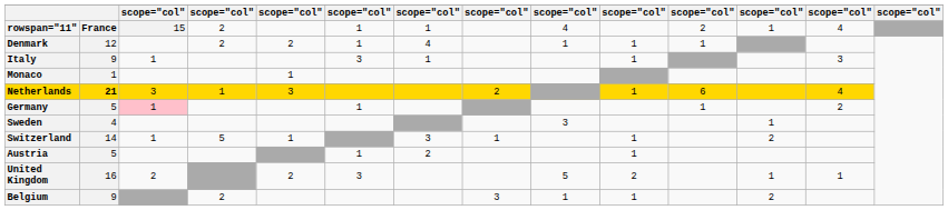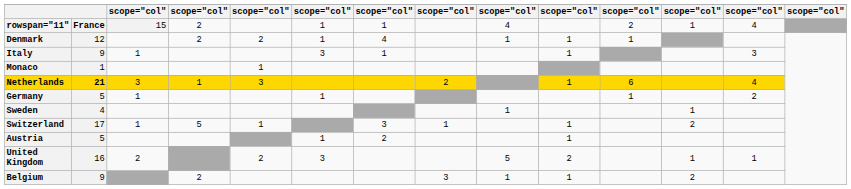 <table class="wikitable plainrowheaders" style="text-align:center;">
 <tr>
 </tr>
 <tr>
 <th colspan="2"></th>
 <th>scope="col" </th>
 <th>scope="col" </th>
 <th>scope="col" </th>
 <th>scope="col" </th>
 <th>scope="col" </th>
 <th>scope="col" </th>
 <th>scope="col" </th>
 <th>scope="col" </th>
 <th>scope="col" </th>
 <th>scope="col" </th>
 <th>scope="col" </th>
 <th>scope="col" </th>
 </tr>
 <tr>
 <th>rowspan="11" </th>
 <th scope="row" style="text-align:left; background:#f2f2f2;">France</th>
 <td style="text-align:right; background:#f2f2f2;">15</td>
 <td>2</td>
 <td></td>
 <td>1</td>
 <td>1</td>
 <td></td>
 <td>4</td>
 <td></td>
 <td>2</td>
 <td>1</td>
 <td>4</td>
 <td style="text-align:left; background:#aaa;"></td>
 </tr>
 <tr>
 <th scope="row" style="text-align:left; background:#f2f2f2;">Denmark</th>
 <td style="text-align:right; background:#f2f2f2;">12</td>
 <td></td>
 <td>2</td>
 <td>2</td>
 <td>1</td>
 <td>4</td>
 <td></td>
 <td>1</td>
 <td>1</td>
 <td>1</td>
 <td style="text-align:left; background:#aaa;"></td>
 <td></td>
 </tr>
 <tr>
 <th scope="row" style="text-align:left; background:#f2f2f2;">Italy</th>
 <td style="text-align:right; background:#f2f2f2;">9</td>
 <td>1</td>
 <td></td>
 <td></td>
 <td>3</td>
 <td>1</td>
 <td></td>
 <td></td>
 <td>1</td>
 <td style="text-align:left; background:#aaa;"></td>
 <td></td>
 <td>3</td>
 </tr>
 <tr>
 <th scope="row" style="text-align:left; background:#f2f2f2;">Monaco</th>
 <td style="text-align:right; background:#f2f2f2;">1</td>
 <td></td>
 <td></td>
 <td>1</td>
 <td></td>
 <td></td>
 <td></td>
 <td></td>
 <td style="text-align:left; background:#aaa;"></td>
 <td></td>
 <td></td>
 <td></td>
 </tr>
 <tr style="background:gold;">
 <th scope="row" style="text-align:left; font-weight:bold; background:gold;">Netherlands</th>
 <td style="text-align:right; font-weight:bold;">21</td>
 <td>3</td>
 <td>1</td>
 <td>3</td>
 <td></td>
 <td></td>
 <td>2</td>
 <td style="text-align:left; background:#aaa;"></td>
 <td>1</td>
 <td>6</td>
 <td></td>
 <td>4</td>
 </tr>
 <tr>
 <th scope="row" style="text-align:left; background:#f2f2f2;">Germany</th>
 <td style="text-align:right; background:#f2f2f2;">5</td>
-<td style="background: pink;">1</td>
+<td>1</td>
 <td></td>
 <td></td>
 <td>1</td>
 <td></td>
 <td style="text-align:left; background:#aaa;"></td>
 <td></td>
 <td></td>
 <td>1</td>
 <td></td>
 <td>2</td>
 </tr>
 <tr>
 <th scope="row" style="text-align:left; background:#f2f2f2;">Sweden</th>
 <td style="text-align:right; background:#f2f2f2;">4</td>
 <td></td>
 <td></td>
 <td></td>
 <td></td>
 <td style="text-align:left; background:#aaa;"></td>
 <td></td>
-<td>3</td>
+<td>1</td>
 <td></td>
 <td></td>
 <td>1</td>
 <td></td>
 </tr>
 <tr>
 <th scope="row" style="text-align:left; background:#f2f2f2;">Switzerland</th>
-<td style="text-align:right; background:#f2f2f2;">14</td>
+<td style="text-align:right; background:#f2f2f2;">17</td>
 <td>1</td>
 <td>5</td>
 <td>1</td>
 <td style="text-align:left; background:#aaa;"></td>
 <td>3</td>
 <td>1</td>
 <td></td>
 <td>1</td>
 <td></td>
 <td>2</td>
 <td></td>
 </tr>
 <tr>
 <th scope="row" style="text-align:left; background:#f2f2f2;">Austria</th>
 <td style="text-align:right; background:#f2f2f2;">5</td>
 <td></td>
 <td></td>
 <td style="text-align:left; background:#aaa;"></td>
 <td>1</td>
 <td>2</td>
 <td></td>
 <td></td>
 <td>1</td>
 <td></td>
 <td></td>
 <td></td>
 </tr>
 <tr>
 <th scope="row" style="text-align:left; background:#f2f2f2;">United Kingdom</th>
 <td style="text-align:right; background:#f2f2f2;">16</td>
 <td>2</td>
 <td style="text-align:left; background:#aaa;"></td>
 <td>2</td>
 <td>3</td>
 <td></td>
 <td></td>
 <td>5</td>
 <td>2</td>
 <td></td>
 <td>1</td>
 <td>1</td>
 </tr>
 <tr>
 <th scope="row" style="text-align:left; background:#f2f2f2;">Belgium</th>
 <td style="text-align:right; background:#f2f2f2;">9</td>
 <td style="text-align:left; background:#aaa;"></td>
 <td>2</td>
 <td></td>
 <td></td>
 <td></td>
 <td>3</td>
 <td>1</td>
 <td>1</td>
 <td></td>
 <td>2</td>
 <td></td>
 </tr>
 </table>
